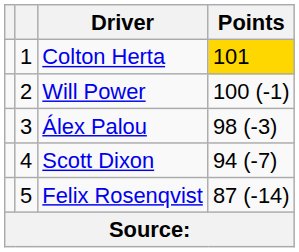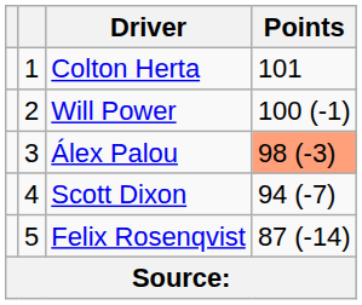 <table class="wikitable" style="font-size: 95%;">
 <tr>
 <th scope="col"></th>
 <th scope="col"></th>
 <th scope="col">Driver</th>
 <th scope="col">Points</th>
 </tr>
 <tr>
 <td align="left"></td>
 <td align="center">1</td>
 <td> <a href='#'>Colton Herta</a></td>
-<td align="left" style="background: gold;">101</td>
+<td align="left">101</td>
 </tr>
 <tr>
 <td align="left"></td>
 <td align="center">2</td>
 <td> <a href='#'>Will Power</a></td>
 <td align="left">100 (-1)</td>
 </tr>
 <tr>
 <td align="left"></td>
 <td align="center">3</td>
 <td> <a href='#'>Álex Palou</a></td>
-<td align="left">98 (-3)</td>
+<td align="left" style="background: lightsalmon;">98 (-3)</td>
 </tr>
 <tr>
 <td align="left"></td>
 <td align="center">4</td>
 <td> <a href='#'>Scott Dixon</a></td>
 <td align="left">94 (-7)</td>
 </tr>
 <tr>
 <td align="left"></td>
 <td align="center">5</td>
 <td> <a href='#'>Felix Rosenqvist</a></td>
 <td align="left">87 (-14)</td>
 </tr>
 <tr>
 <th colspan=4>Source:</th>
 </tr>
 </table>
